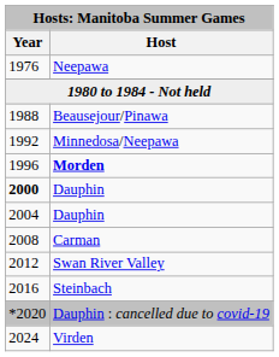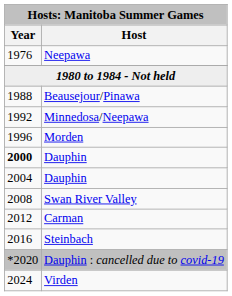 <table class=wikitable style="text-align:left; font-size:90%;">
 <tr>
 <th colspan=2 style="background:silver;">Hosts: Manitoba Summer Games</th>
 </tr>
 <tr>
 <th>Year</th>
 <th>Host</th>
 </tr>
 <tr>
 <td>1976</td>
 <td><a href='#'>Neepawa</a></td>
 </tr>
 <tr>
 </tr>
 <tr>
 <th style=background:#eeeeee colspan=2><span><em>1980 to 1984 - Not held</em></span></th>
 </tr>
 <tr>
 <td>1988</td>
 <td><a href='#'>Beausejour</a>/<a href='#'>Pinawa</a></td>
 </tr>
 <tr>
 <td>1992</td>
 <td><a href='#'>Minnedosa</a>/<a href='#'>Neepawa</a></td>
 </tr>
 <tr>
 <td>1996</td>
-<td><strong><a href='#'>Morden</a></strong></td>
+<td><a href='#'>Morden</a></td>
 </tr>
 <tr>
 <td><strong>2000</strong></td>
 <td><a href='#'>Dauphin</a></td>
 </tr>
 <tr>
 <td>2004</td>
 <td><a href='#'>Dauphin</a></td>
 </tr>
 <tr>
 <td>2008</td>
-<td><a href='#'>Carman</a></td>
+<td><a href='#'>Swan River Valley</a></td>
 </tr>
 <tr>
 <td>2012</td>
-<td><a href='#'>Swan River Valley</a></td>
+<td><a href='#'>Carman</a></td>
 </tr>
 <tr>
 <td>2016</td>
 <td><a href='#'>Steinbach</a></td>
 </tr>
 <tr>
 <td style="background:silver">*2020</td>
 <td style="background:silver"><a href='#'>Dauphin</a> : <em>cancelled due to <a href='#'>covid-19</a></em></td>
 </tr>
 <tr>
 <td>2024</td>
 <td><a href='#'>Virden</a></td>
 </tr>
 </table>
